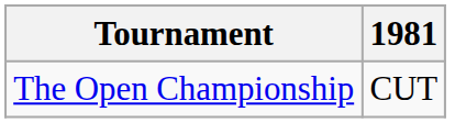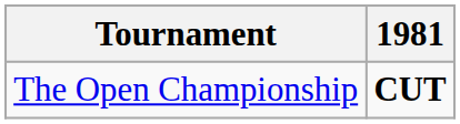 <table class="wikitable" style="font-size:95%;text-align:center;">
 <tr>
 <th>Tournament</th>
 <th>1981</th>
 </tr>
 <tr>
 <td align=left><a href='#'>The Open Championship</a></td>
-<td>CUT</td>
+<td><strong>CUT</strong></td>
 </tr>
 </table>
